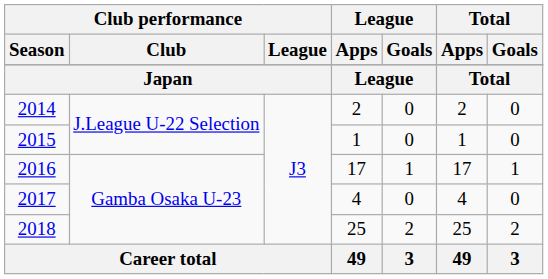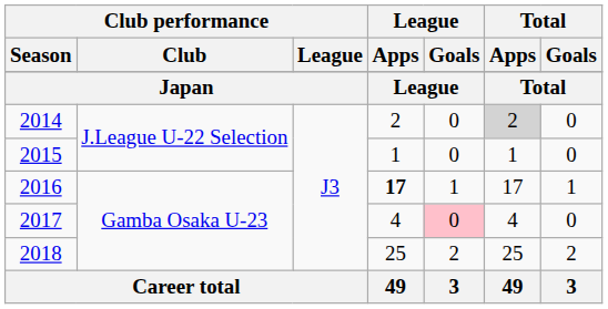 <table class="wikitable" style="text-align:center">
 <tr>
 <th colspan=3>Club performance</th>
 <th colspan=2>League</th>
 <th colspan=2>Total</th>
 </tr>
 <tr>
 <th>Season</th>
 <th>Club</th>
 <th>League</th>
 <th>Apps</th>
 <th>Goals</th>
 <th>Apps</th>
 <th>Goals</th>
 </tr>
 <tr>
 </tr>
 <tr>
 <th colspan=3>Japan</th>
 <th colspan=2>League</th>
 <th colspan=2>Total</th>
 </tr>
 <tr>
 <td><a href='#'>2014</a></td>
 <td rowspan="2"><a href='#'>J.League U-22 Selection</a></td>
 <td rowspan="5"><a href='#'>J3</a></td>
 <td>2</td>
 <td>0</td>
-<td>2</td>
+<td style="background: lightgrey;">2</td>
 <td>0</td>
 </tr>
 <tr>
 <td><a href='#'>2015</a></td>
 <td>1</td>
 <td>0</td>
 <td>1</td>
 <td>0</td>
 </tr>
 <tr>
 <td><a href='#'>2016</a></td>
 <td rowspan="3"><a href='#'>Gamba Osaka U-23</a></td>
-<td>17</td>
+<td><strong>17</strong></td>
 <td>1</td>
 <td>17</td>
 <td>1</td>
 </tr>
 <tr>
 <td><a href='#'>2017</a></td>
 <td>4</td>
-<td>0</td>
+<td style="background: pink;">0</td>
 <td>4</td>
 <td>0</td>
 </tr>
 <tr>
 <td><a href='#'>2018</a></td>
 <td>25</td>
 <td>2</td>
 <td>25</td>
 <td>2</td>
 </tr>
 <tr>
 <th colspan=3>Career total</th>
 <th>49</th>
 <th>3</th>
 <th>49</th>
 <th>3</th>
 </tr>
 </table>
